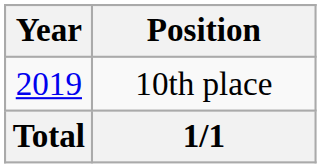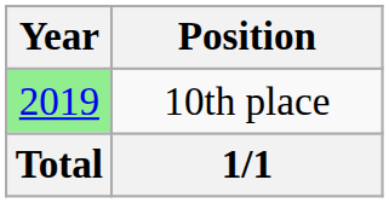 <table class="wikitable" style="text-align: center;">
 <tr>
 <th>Year</th>
 <th width="100">Position</th>
 </tr>
 <tr>
-<td> <a href='#'>2019</a></td>
+<td style="background: lightgreen;"> <a href='#'>2019</a></td>
 <td>10th place</td>
 </tr>
 <tr>
 <th>Total</th>
 <th>1/1</th>
 </tr>
 </table>
